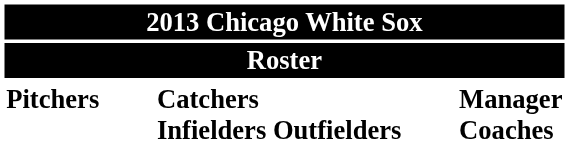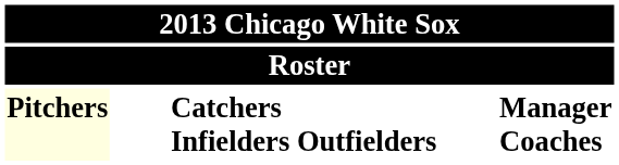 <table class="toccolours" style="font-size: 95%;">
 <tr>
 <th colspan="10" style="background:black; color:#fff; text-align:center;">2013 Chicago White Sox</th>
 </tr>
 <tr>
 <td colspan="10" style="background:black; color:white; text-align:center;"><strong>Roster</strong></td>
 </tr>
 <tr>
-<td valign="top"><strong>Pitchers</strong><br>                      </td>
+<td valign="top" style="background: lightyellow;"><strong>Pitchers</strong><br>                      </td>
 <td style="width:25px;"></td>
 <td valign="top"><strong>Catchers</strong><br>     <strong>Infielders</strong>            <strong>Outfielders</strong>        </td>
 <td style="width:25px;"></td>
 <td valign="top"><strong>Manager</strong><br> <strong>Coaches</strong>                </td>
 </tr>
 </table>
